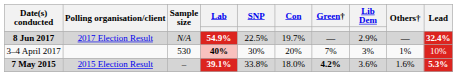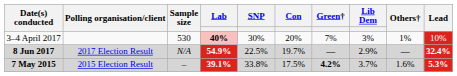 <table class="wikitable sortable mw-datatable" style="text-align:center;font-size:85%;line-height:14px">
 <tr>
 <th rowspan="2">Date(s)<br>conducted</th>
 <th rowspan="2">Polling organisation/client</th>
 <th rowspan="2">Sample<br>size</th>
 <th style="width:50px;" class="unsortable"><a href='#'>Lab</a></th>
 <th style="width:50px;" class="unsortable"><a href='#'>SNP</a></th>
 <th style="width:50px;" class="unsortable"><a href='#'>Con</a></th>
 <th style="width:50px;" class="unsortable"><a href='#'>Green</a>†</th>
 <th style="width:50px;" class="unsortable"><a href='#'>Lib Dem</a></th>
 <th style="width:50px;" rowspan="2" class="unsortable">Others†</th>
 <th class="unsortable" style="width:20px;" rowspan="2">Lead</th>
 </tr>
 <tr>
 <th class="unsortable" style="color:inherit;background:"></th>
 <th class="unsortable" style="color:inherit;background:"></th>
 <th class="unsortable" style="color:inherit;background:"></th>
 <th class="unsortable" style="color:inherit;background:"></th>
 <th class="unsortable" style="color:inherit;background:"></th>
 </tr>
 <tr>
+<td>3–4 April 2017</td>
+<td></td>
+<td>530</td>
+<td style="background:#F8C1BE"><strong>40%</strong></td>
+<td>30%</td>
+<td>20%</td>
+<td>7%</td>
+<td>3%</td>
+<td>1%</td>
+<td style="background:#dc241f;color:White;">10%</td>
+</tr>
+<tr>
 <td style="background:#D5D5D5"><strong>8 Jun 2017</strong></td>
 <td style="background:#D5D5D5"><a href='#'>2017 Election Result</a></td>
 <td style="background:#D5D5D5"><em>N/A</em></td>
 <td style="background:#dc241f;color:White;"><strong>54.9%</strong></td>
 <td style="background:#D5D5D5">22.5%</td>
 <td style="background:#D5D5D5">19.7%</td>
 <td style="background:#D5D5D5">—</td>
 <td style="background:#D5D5D5">2.9%</td>
 <td style="background:#D5D5D5">—</td>
 <td style="background:#dc241f;color:White;"><strong>32.4%</strong></td>
 </tr>
 <tr>
-<td>3–4 April 2017</td>
-<td></td>
-<td>530</td>
-<td style="background:#F8C1BE"><strong>40%</strong></td>
-<td>30%</td>
-<td>20%</td>
-<td>7%</td>
-<td>3%</td>
-<td>1%</td>
-<td style="background:#dc241f;color:White;">10%</td>
-</tr>
-<tr>
 <td style="background:#D5D5D5"><strong>7 May 2015</strong></td>
 <td style="background:#D5D5D5"><a href='#'>2015 Election Result</a></td>
 <td style="background:#D5D5D5">–</td>
 <td style="background:#dc241f;color:White;"><strong>39.1%</strong></td>
 <td style="background:#D5D5D5">33.8%</td>
-<td style="background:#D5D5D5">18.0%</td>
+<td style="background:#D5D5D5">17.5%</td>
 <td style="background:#D5D5D5"><strong>4.2%</strong></td>
-<td style="background:#D5D5D5">3.6%</td>
+<td style="background:#D5D5D5">3.7%</td>
 <td style="background:#D5D5D5">1.6%</td>
 <td style="background:#dc241f;color:White;"><strong>5.3%</strong></td>
 </tr>
 </table>
